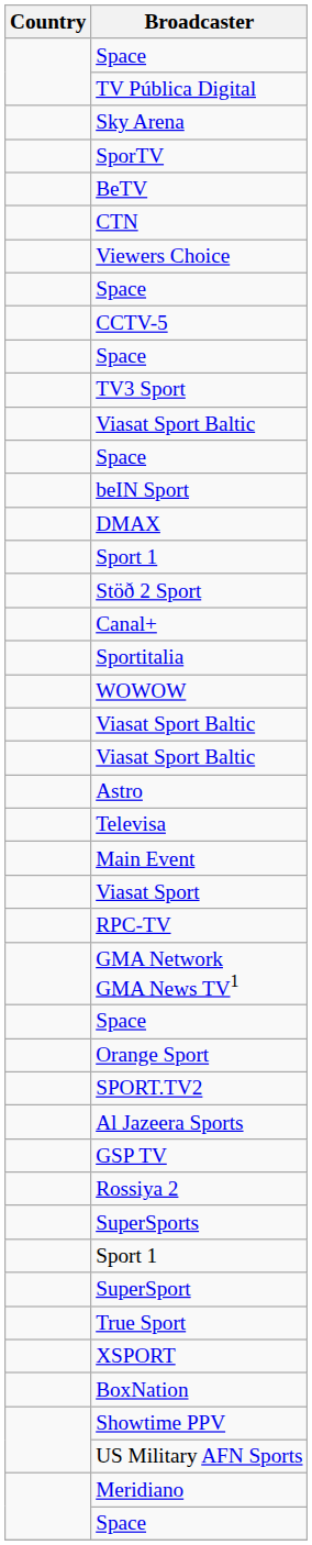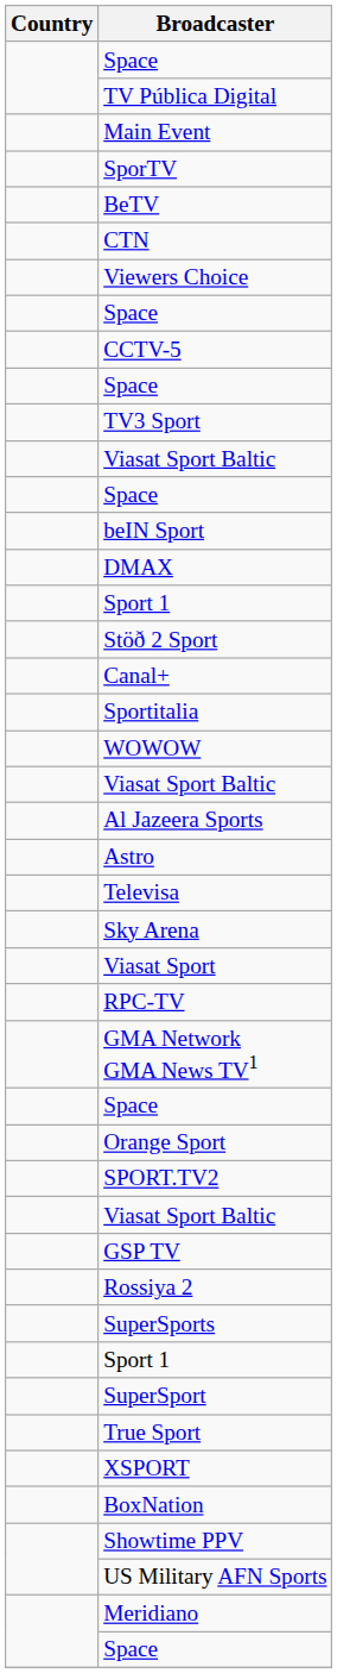 <table class="wikitable">
 <tr>
 <th align=center>Country</th>
 <th align=center>Broadcaster</th>
 </tr>
 <tr>
 <td rowspan=2></td>
 <td><a href='#'>Space</a></td>
 </tr>
 <tr>
 <td><a href='#'>TV Pública Digital</a></td>
 </tr>
 <tr>
 <td></td>
-<td><a href='#'>Sky Arena</a></td>
+<td><a href='#'>Main Event</a></td>
 </tr>
 <tr>
 <td></td>
 <td><a href='#'>SporTV</a></td>
 </tr>
 <tr>
 <td></td>
 <td><a href='#'>BeTV</a></td>
 </tr>
 <tr>
 <td></td>
 <td><a href='#'>CTN</a></td>
 </tr>
 <tr>
 <td></td>
 <td><a href='#'>Viewers Choice</a></td>
 </tr>
 <tr>
 <td></td>
 <td><a href='#'>Space</a></td>
 </tr>
 <tr>
 <td></td>
 <td><a href='#'>CCTV-5</a></td>
 </tr>
 <tr>
 <td></td>
 <td><a href='#'>Space</a></td>
 </tr>
 <tr>
 <td></td>
 <td><a href='#'>TV3 Sport</a></td>
 </tr>
 <tr>
 <td></td>
 <td><a href='#'>Viasat Sport Baltic</a></td>
 </tr>
 <tr>
 <td></td>
 <td><a href='#'>Space</a></td>
 </tr>
 <tr>
 <td></td>
 <td><a href='#'>beIN Sport</a></td>
 </tr>
 <tr>
 <td></td>
 <td><a href='#'>DMAX</a></td>
 </tr>
 <tr>
 <td></td>
 <td><a href='#'>Sport 1</a></td>
 </tr>
 <tr>
 <td></td>
 <td><a href='#'>Stöð 2 Sport</a></td>
 </tr>
 <tr>
 <td></td>
 <td><a href='#'>Canal+</a></td>
 </tr>
 <tr>
 <td></td>
 <td><a href='#'>Sportitalia</a></td>
 </tr>
 <tr>
 <td></td>
 <td><a href='#'>WOWOW</a></td>
 </tr>
 <tr>
 <td></td>
 <td><a href='#'>Viasat Sport Baltic</a></td>
 </tr>
 <tr>
 <td></td>
-<td><a href='#'>Viasat Sport Baltic</a></td>
+<td><a href='#'>Al Jazeera Sports</a></td>
 </tr>
 <tr>
 <td></td>
 <td><a href='#'>Astro</a></td>
 </tr>
 <tr>
 <td></td>
 <td><a href='#'>Televisa</a></td>
 </tr>
 <tr>
 <td></td>
-<td><a href='#'>Main Event</a></td>
+<td><a href='#'>Sky Arena</a></td>
 </tr>
 <tr>
 <td></td>
 <td><a href='#'>Viasat Sport</a></td>
 </tr>
 <tr>
 <td></td>
 <td><a href='#'>RPC-TV</a></td>
 </tr>
 <tr>
 <td></td>
 <td><a href='#'>GMA Network</a><br><a href='#'>GMA News TV</a><sup>1</sup></td>
 </tr>
 <tr>
 <td></td>
 <td><a href='#'>Space</a></td>
 </tr>
 <tr>
 <td></td>
 <td><a href='#'>Orange Sport</a></td>
 </tr>
 <tr>
 <td></td>
 <td><a href='#'>SPORT.TV2</a></td>
 </tr>
 <tr>
 <td></td>
-<td><a href='#'>Al Jazeera Sports</a></td>
+<td><a href='#'>Viasat Sport Baltic</a></td>
 </tr>
 <tr>
 <td></td>
 <td><a href='#'>GSP TV</a></td>
 </tr>
 <tr>
 <td></td>
 <td><a href='#'>Rossiya 2</a></td>
 </tr>
 <tr>
 <td></td>
 <td><a href='#'>SuperSports</a></td>
 </tr>
 <tr>
 <td></td>
 <td>Sport 1</td>
 </tr>
 <tr>
 <td></td>
 <td><a href='#'>SuperSport</a></td>
 </tr>
 <tr>
 <td></td>
 <td><a href='#'>True Sport</a></td>
 </tr>
 <tr>
 <td></td>
 <td><a href='#'>XSPORT</a></td>
 </tr>
 <tr>
 <td></td>
 <td><a href='#'>BoxNation</a></td>
 </tr>
 <tr>
 <td rowspan=2></td>
 <td><a href='#'>Showtime PPV</a></td>
 </tr>
 <tr>
 <td>US Military <a href='#'>AFN Sports</a></td>
 </tr>
 <tr>
 <td rowspan=2></td>
 <td><a href='#'>Meridiano</a></td>
 </tr>
 <tr>
 <td><a href='#'>Space</a></td>
 </tr>
 <tr>
 </tr>
 </table>
